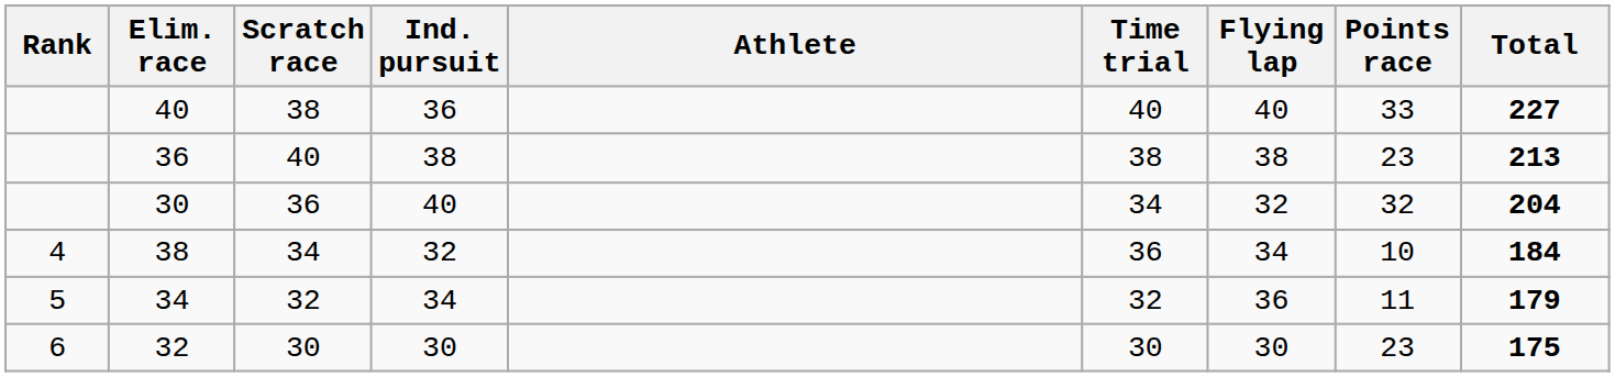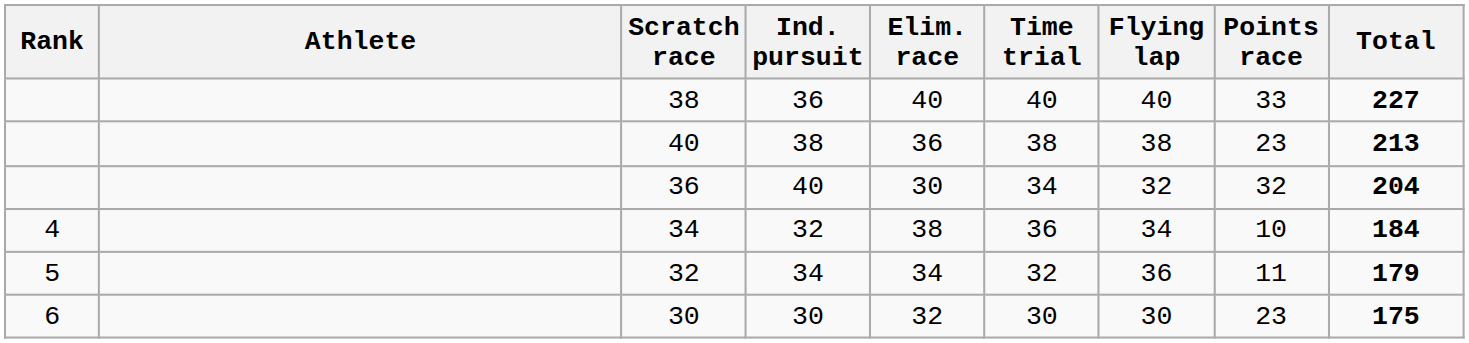 <table class=wikitable style="text-align:center">
 <tr>
 <th width=40>Rank</th>
-<th width=50>Elim.<br>race</th>
+<th width=250>Athlete</th>
 <th width=50>Scratch<br>race</th>
 <th width=50>Ind.<br>pursuit</th>
-<th width=250>Athlete</th>
+<th width=50>Elim.<br>race</th>
 <th width=50>Time<br>trial</th>
 <th width=50>Flying<br>lap</th>
 <th width=50>Points<br>race</th>
 <th width=60>Total</th>
 </tr>
 <tr>
 <td></td>
-<td>40</td>
+<td align=left></td>
 <td>38</td>
 <td>36</td>
-<td align=left></td>
+<td>40</td>
 <td>40</td>
 <td>40</td>
 <td>33</td>
 <td><strong>227</strong></td>
 </tr>
 <tr>
 <td></td>
-<td>36</td>
+<td align=left></td>
 <td>40</td>
 <td>38</td>
-<td align=left></td>
+<td>36</td>
 <td>38</td>
 <td>38</td>
 <td>23</td>
 <td><strong>213</strong></td>
 </tr>
 <tr>
 <td></td>
-<td>30</td>
+<td align=left></td>
 <td>36</td>
 <td>40</td>
-<td align=left></td>
+<td>30</td>
 <td>34</td>
 <td>32</td>
 <td>32</td>
 <td><strong>204</strong></td>
 </tr>
 <tr>
 <td>4</td>
-<td>38</td>
+<td align=left></td>
 <td>34</td>
 <td>32</td>
-<td align=left></td>
+<td>38</td>
 <td>36</td>
 <td>34</td>
 <td>10</td>
 <td><strong>184</strong></td>
 </tr>
 <tr>
 <td>5</td>
-<td>34</td>
+<td align=left></td>
 <td>32</td>
 <td>34</td>
-<td align=left></td>
+<td>34</td>
 <td>32</td>
 <td>36</td>
 <td>11</td>
 <td><strong>179</strong></td>
 </tr>
 <tr>
 <td>6</td>
-<td>32</td>
+<td align=left></td>
 <td>30</td>
 <td>30</td>
-<td align=left></td>
+<td>32</td>
 <td>30</td>
 <td>30</td>
 <td>23</td>
 <td><strong>175</strong></td>
 </tr>
 </table>
